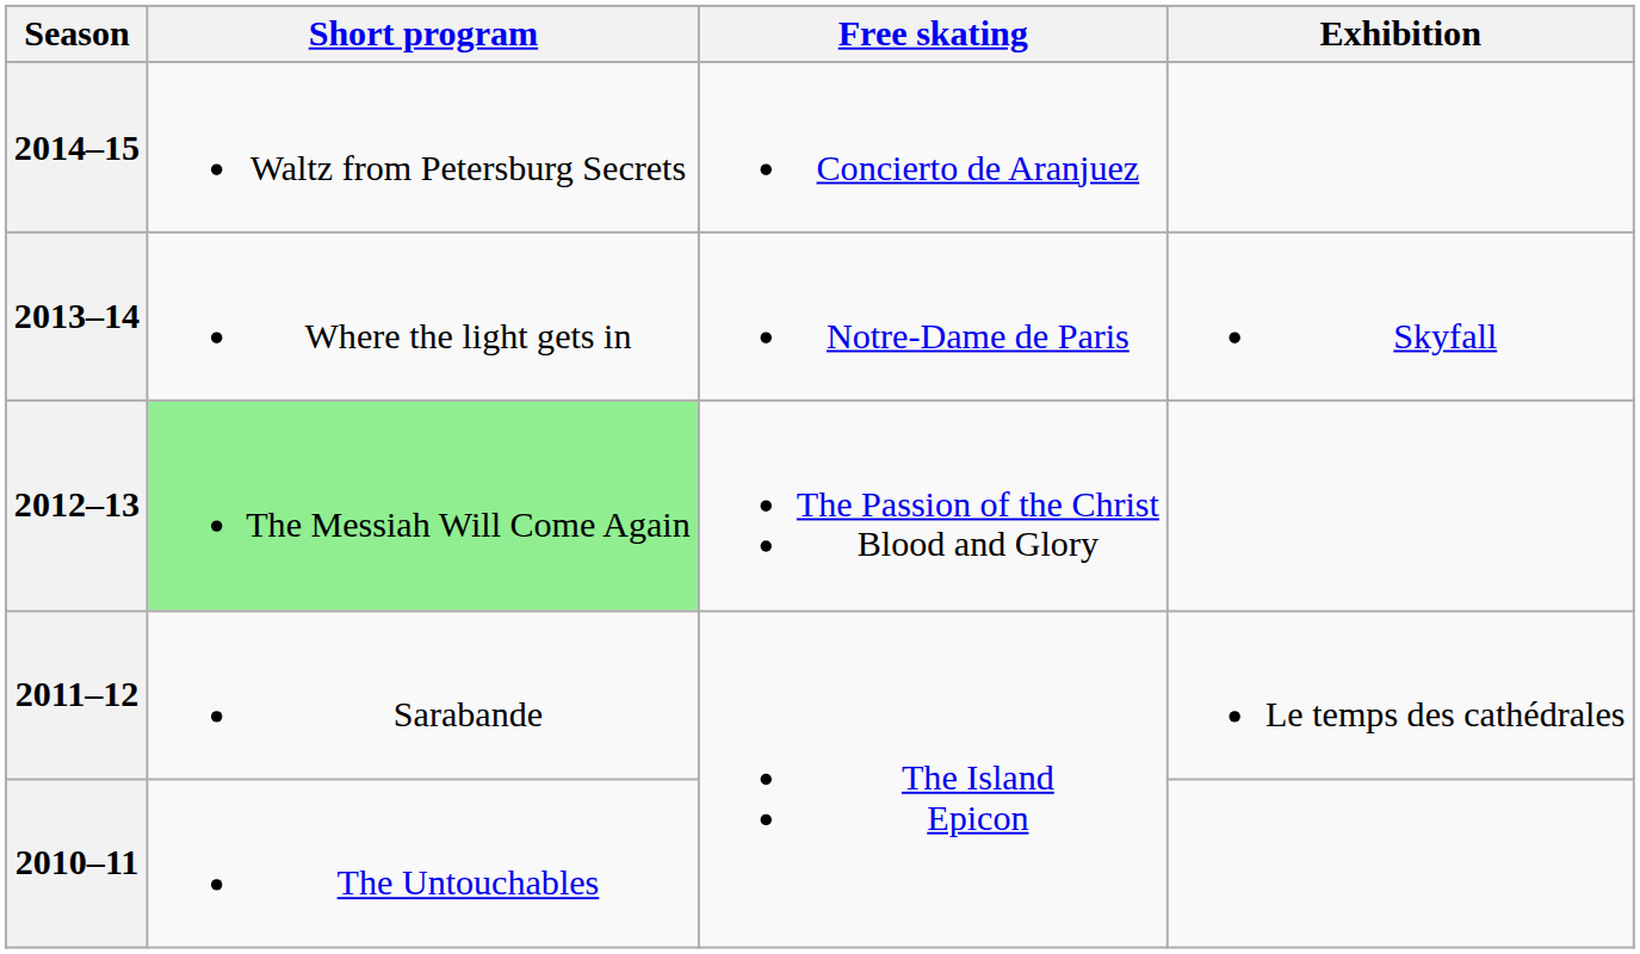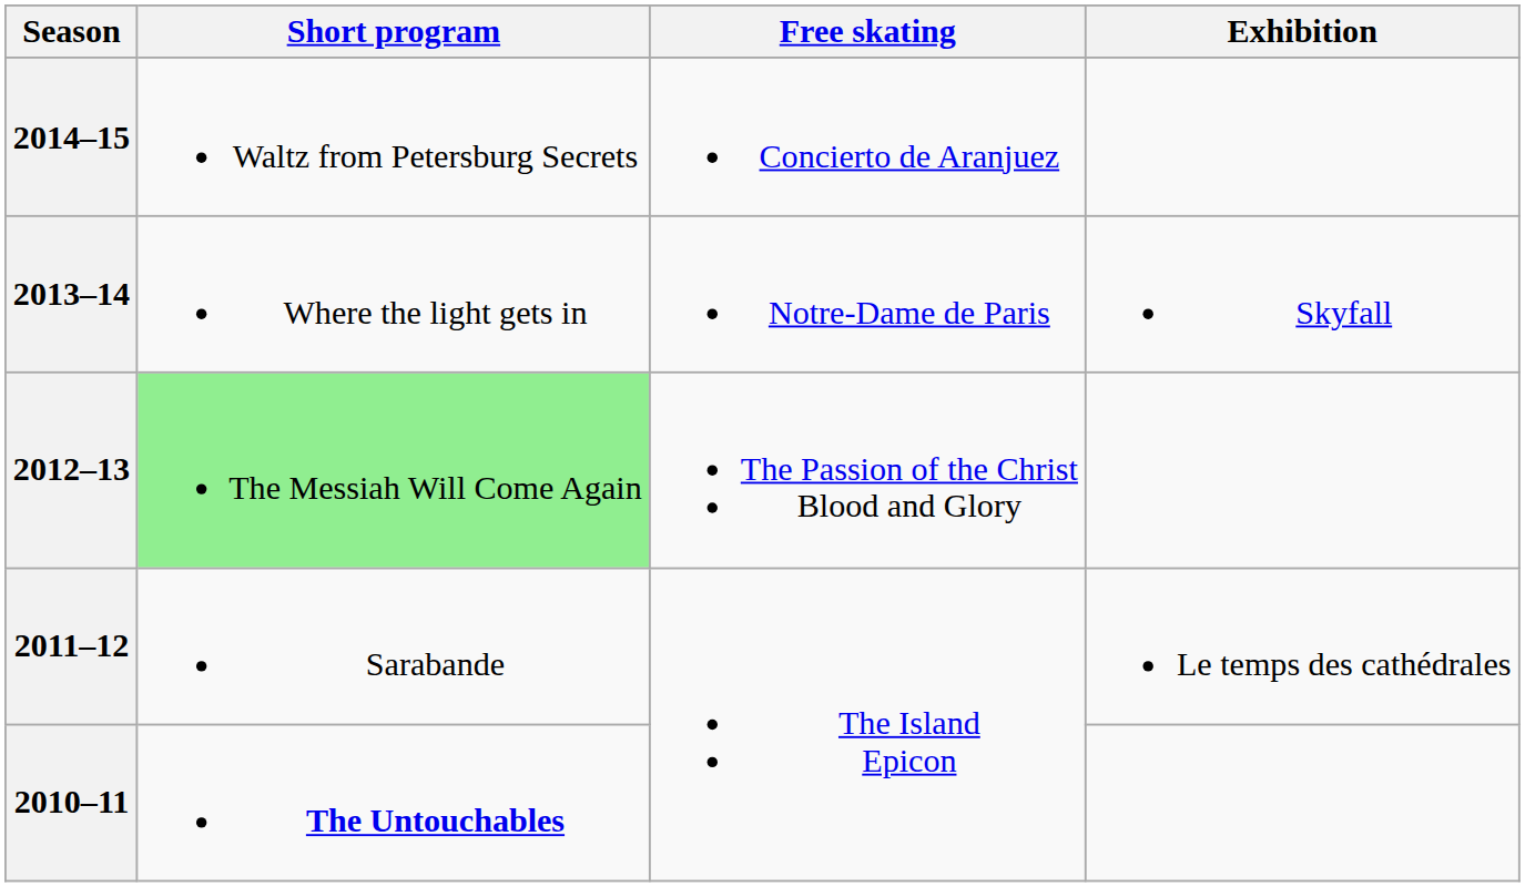 <table class="wikitable" style="text-align:center">
 <tr>
 <th>Season</th>
 <th><a href='#'>Short program</a></th>
 <th><a href='#'>Free skating</a></th>
 <th>Exhibition</th>
 </tr>
 <tr>
 <th>2014–15 <br> </th>
 <td><br><ul><li>Waltz from Petersburg Secrets <br></li></ul></td>
 <td><br><ul><li><a href='#'>Concierto de Aranjuez</a> <br></li></ul></td>
 <td></td>
 </tr>
 <tr>
 <th>2013–14 <br> </th>
 <td><br><ul><li>Where the light gets in <br></li></ul></td>
 <td><br><ul><li><a href='#'>Notre-Dame de Paris</a> <br></li></ul></td>
 <td><br><ul><li><a href='#'>Skyfall</a> <br></li></ul></td>
 </tr>
 <tr>
 <th>2012–13 <br> </th>
 <td style="background: lightgreen;"><br><ul><li>The Messiah Will Come Again <br></li></ul></td>
 <td><br><ul><li><a href='#'>The Passion of the Christ</a> <br></li><li>Blood and Glory <br></li></ul></td>
 <td></td>
 </tr>
 <tr>
 <th>2011–12 <br> </th>
 <td><br><ul><li>Sarabande <br></li></ul></td>
 <td rowspan=2><br><ul><li><a href='#'>The Island</a> <br></li><li><a href='#'>Epicon</a> <br></li></ul></td>
 <td><br><ul><li>Le temps des cathédrales <br></li></ul></td>
 </tr>
 <tr>
 <th>2010–11</th>
-<td><br><ul><li><a href='#'>The Untouchables</a> <br></li></ul></td>
+<td><strong><br><ul><li><a href='#'>The Untouchables</a> <br></li></ul></strong></td>
 <td></td>
 </tr>
 </table>
